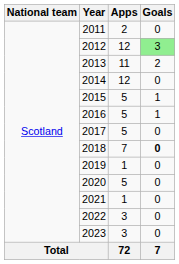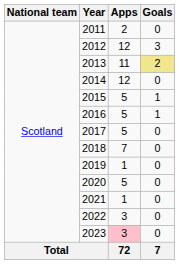 <table class="wikitable" style="text-align:center">
 <tr>
 <th>National team</th>
 <th>Year</th>
 <th>Apps</th>
 <th>Goals</th>
 </tr>
 <tr>
 <td rowspan="13"><a href='#'>Scotland</a></td>
 <td>2011</td>
 <td>2</td>
 <td>0</td>
 </tr>
 <tr>
 <td>2012</td>
 <td>12</td>
-<td style="background: lightgreen;">3</td>
+<td>3</td>
 </tr>
 <tr>
 <td>2013</td>
 <td>11</td>
-<td>2</td>
+<td style="background: khaki;">2</td>
 </tr>
 <tr>
 <td>2014</td>
 <td>12</td>
 <td>0</td>
 </tr>
 <tr>
 <td>2015</td>
 <td>5</td>
 <td>1</td>
 </tr>
 <tr>
 <td>2016</td>
 <td>5</td>
 <td>1</td>
 </tr>
 <tr>
 <td>2017</td>
 <td>5</td>
 <td>0</td>
 </tr>
 <tr>
 <td>2018</td>
 <td>7</td>
-<td><strong>0</strong></td>
+<td>0</td>
 </tr>
 <tr>
 <td>2019</td>
 <td>1</td>
 <td>0</td>
 </tr>
 <tr>
 <td>2020</td>
 <td>5</td>
 <td>0</td>
 </tr>
 <tr>
 <td>2021</td>
 <td>1</td>
 <td>0</td>
 </tr>
 <tr>
 <td>2022</td>
 <td>3</td>
 <td>0</td>
 </tr>
 <tr>
 <td>2023</td>
-<td>3</td>
+<td style="background: pink;">3</td>
 <td>0</td>
 </tr>
 <tr>
 <th colspan="2">Total</th>
 <th>72</th>
 <th>7</th>
 </tr>
 </table>
